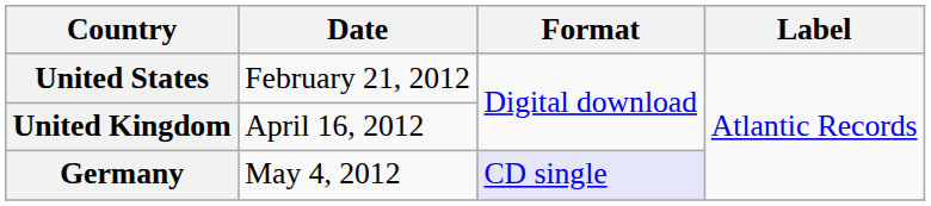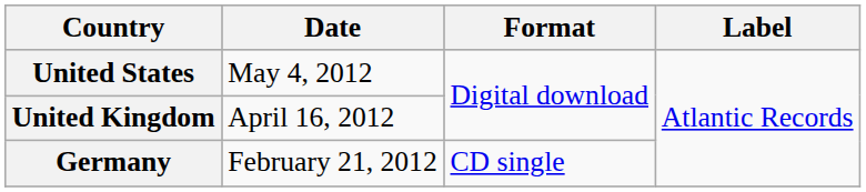 <table class="wikitable plainrowheaders">
 <tr>
 <th scope="col">Country</th>
 <th scope="col">Date</th>
 <th scope="col">Format</th>
 <th scope="col">Label</th>
 </tr>
 <tr>
 <th scope="row">United States</th>
-<td>February 21, 2012</td>
+<td>May 4, 2012</td>
 <td rowspan=2><a href='#'>Digital download</a></td>
 <td rowspan=3><a href='#'>Atlantic Records</a></td>
 </tr>
 <tr>
 <th scope="row">United Kingdom</th>
 <td>April 16, 2012</td>
 </tr>
 <tr>
 <th scope="row">Germany</th>
-<td>May 4, 2012</td>
-<td style="background: lavender;"><a href='#'>CD single</a></td>
+<td>February 21, 2012</td>
+<td><a href='#'>CD single</a></td>
 </tr>
 </table>
